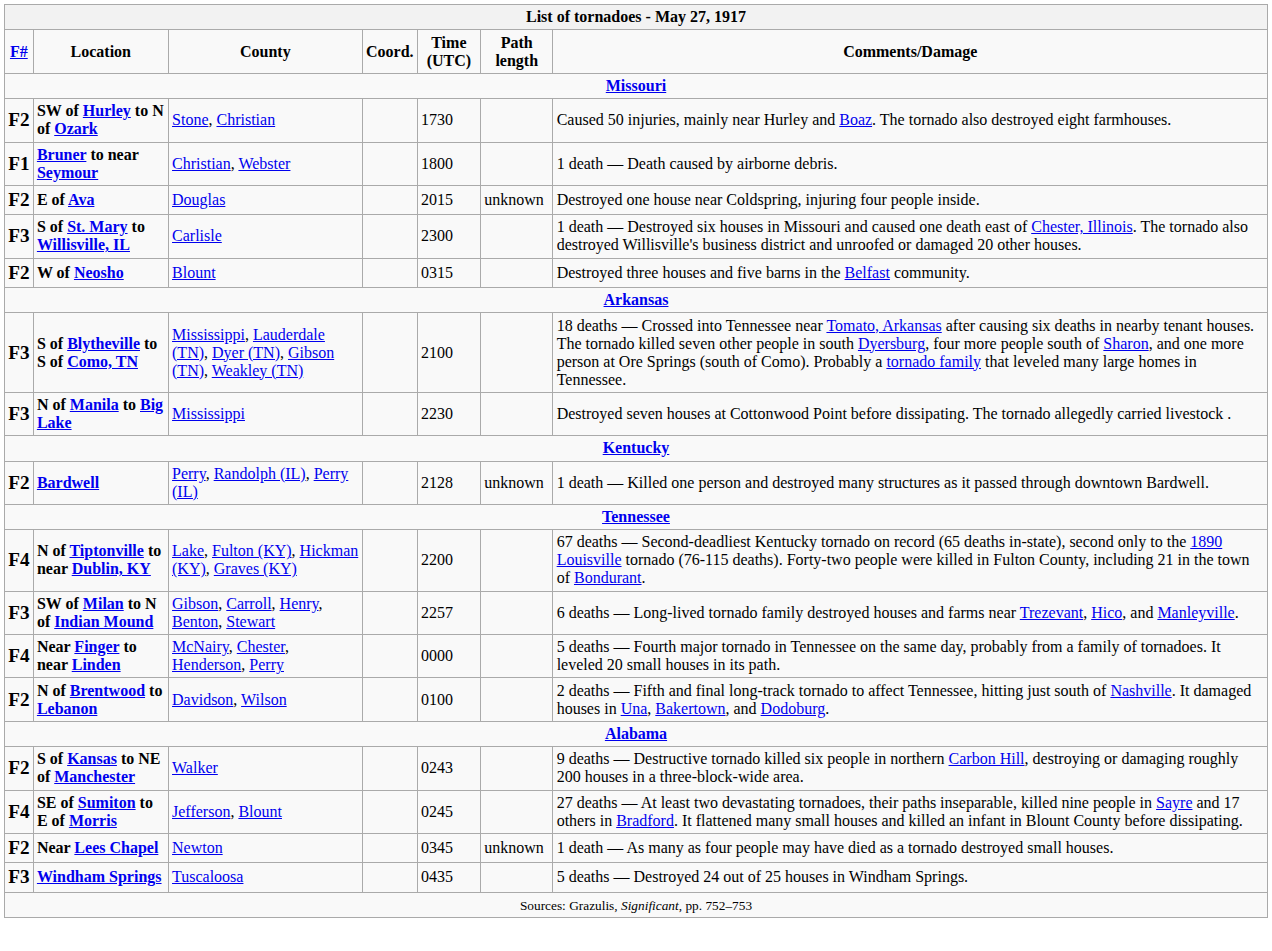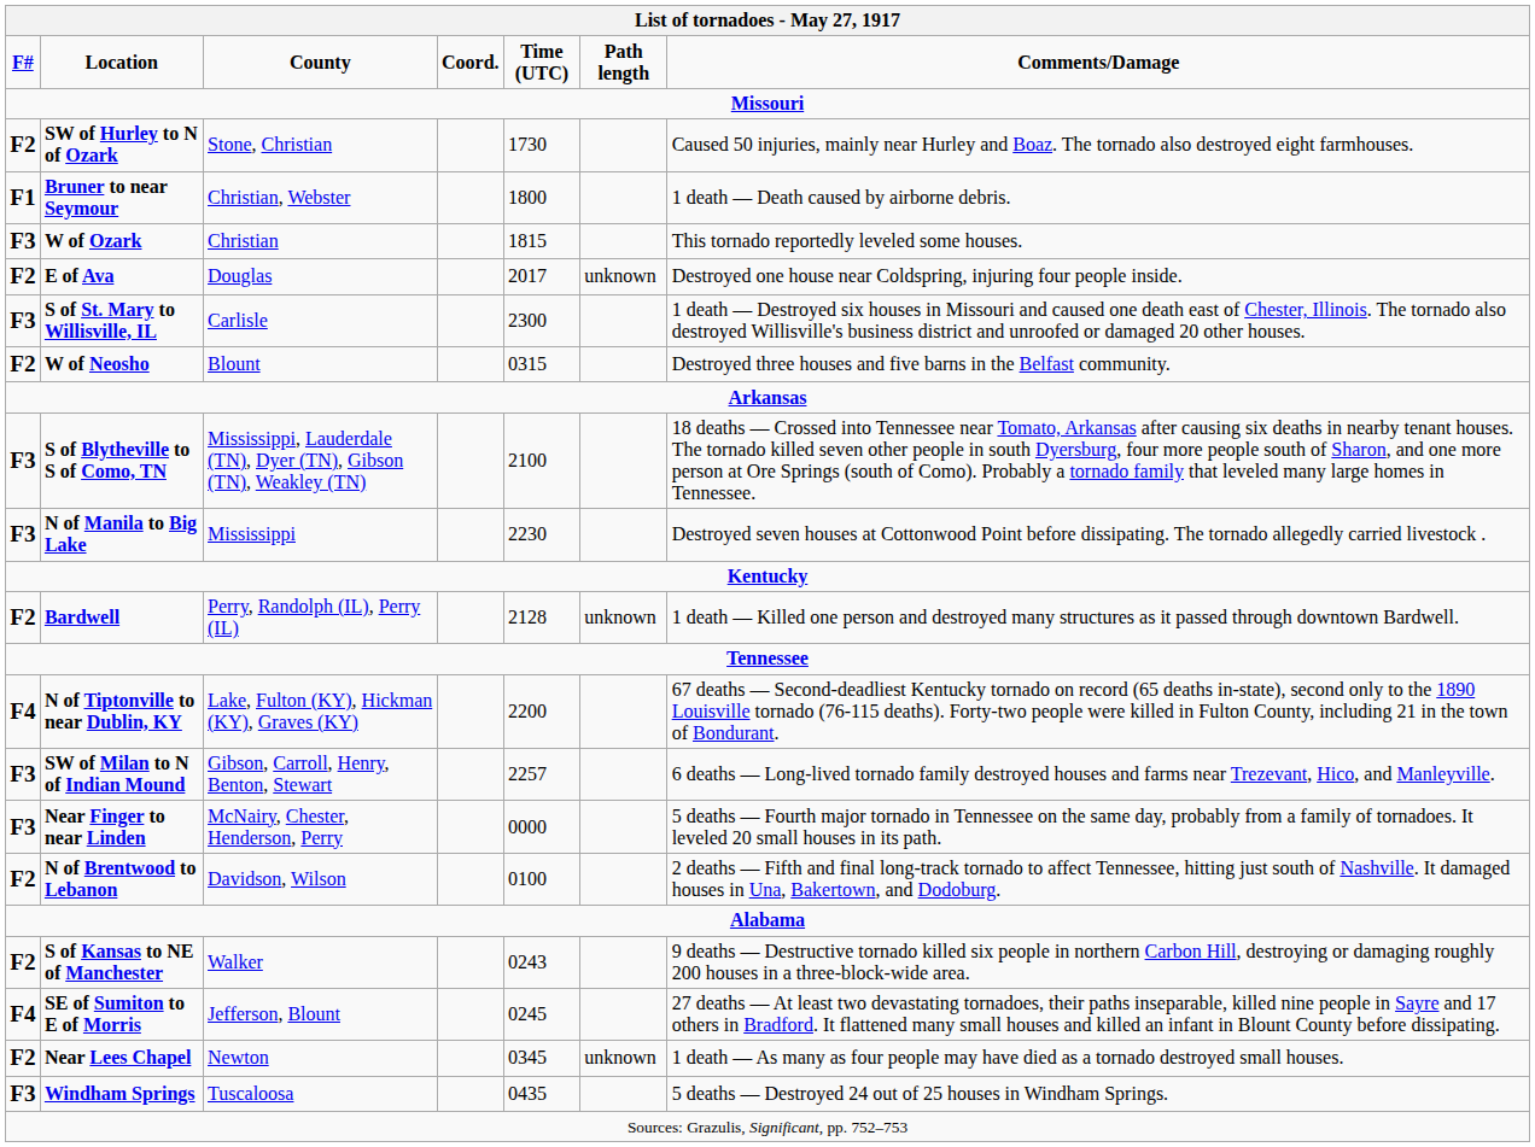 <table class="wikitable collapsible" style="width:100%;">
 <tr>
 <th colspan="7">List of tornadoes - May 27, 1917</th>
 </tr>
 <tr style="text-align:center;">
 <td><strong><a href='#'>F#</a></strong></td>
 <td><strong>Location</strong></td>
 <td><strong>County</strong></td>
 <td><strong>Coord.</strong></td>
 <td><strong>Time (UTC)</strong></td>
 <td><strong>Path length</strong></td>
 <td><strong>Comments/Damage</strong></td>
 </tr>
 <tr>
 <td colspan="7" style="text-align:center;"><strong><a href='#'>Missouri</a></strong></td>
 </tr>
 <tr>
 <td><big><strong>F2</strong></big></td>
 <td><strong>SW of <a href='#'>Hurley</a> to N of <a href='#'>Ozark</a></strong></td>
 <td><a href='#'>Stone</a>, <a href='#'>Christian</a></td>
 <td></td>
 <td>1730</td>
 <td></td>
 <td>Caused 50 injuries, mainly near Hurley and <a href='#'>Boaz</a>. The tornado also destroyed eight farmhouses.</td>
 </tr>
 <tr>
 <td><big><strong>F1</strong></big></td>
 <td><strong><a href='#'>Bruner</a> to near <a href='#'>Seymour</a></strong></td>
 <td><a href='#'>Christian</a>, <a href='#'>Webster</a></td>
 <td></td>
 <td>1800</td>
 <td></td>
 <td>1 death — Death caused by airborne debris.</td>
 </tr>
 <tr>
+<td><big><strong>F3</strong></big></td>
+<td><strong>W of <a href='#'>Ozark</a></strong></td>
+<td><a href='#'>Christian</a></td>
+<td></td>
+<td>1815</td>
+<td></td>
+<td>This tornado reportedly leveled some houses.</td>
+</tr>
+<tr>
 <td><big><strong>F2</strong></big></td>
 <td><strong>E of <a href='#'>Ava</a></strong></td>
 <td><a href='#'>Douglas</a></td>
 <td></td>
-<td>2015</td>
+<td>2017</td>
 <td>unknown</td>
 <td>Destroyed one house near Coldspring, injuring four people inside.</td>
 </tr>
 <tr>
 <td><big><strong>F3</strong></big></td>
 <td><strong>S of <a href='#'>St. Mary</a> to <a href='#'>Willisville, IL</a></strong></td>
 <td><a href='#'>Carlisle</a></td>
 <td></td>
 <td>2300</td>
 <td></td>
 <td>1 death — Destroyed six houses in Missouri and caused one death east of <a href='#'>Chester, Illinois</a>. The tornado also destroyed Willisville's business district and unroofed or damaged 20 other houses.</td>
 </tr>
 <tr>
 <td><big><strong>F2</strong></big></td>
 <td><strong>W of <a href='#'>Neosho</a></strong></td>
 <td><a href='#'>Blount</a></td>
 <td></td>
 <td>0315</td>
 <td></td>
 <td>Destroyed three houses and five barns in the <a href='#'>Belfast</a> community.</td>
 </tr>
 <tr>
 <td colspan="7" style="text-align:center;"><strong><a href='#'>Arkansas</a></strong></td>
 </tr>
 <tr>
 <td><big><strong>F3</strong></big></td>
 <td><strong>S of <a href='#'>Blytheville</a> to S of <a href='#'>Como, TN</a></strong></td>
 <td><a href='#'>Mississippi</a>, <a href='#'>Lauderdale (TN)</a>, <a href='#'>Dyer (TN)</a>, <a href='#'>Gibson (TN)</a>, <a href='#'>Weakley (TN)</a></td>
 <td></td>
 <td>2100</td>
 <td></td>
 <td>18 deaths — Crossed into Tennessee near <a href='#'>Tomato, Arkansas</a> after causing six deaths in nearby tenant houses. The tornado killed seven other people in south <a href='#'>Dyersburg</a>, four more people south of <a href='#'>Sharon</a>, and one more person at Ore Springs (south of Como). Probably a <a href='#'>tornado family</a> that leveled many large homes in Tennessee.</td>
 </tr>
 <tr>
 <td><big><strong>F3</strong></big></td>
 <td><strong>N of <a href='#'>Manila</a> to <a href='#'>Big Lake</a></strong></td>
 <td><a href='#'>Mississippi</a></td>
 <td></td>
 <td>2230</td>
 <td></td>
 <td>Destroyed seven houses at Cottonwood Point before dissipating. The tornado allegedly carried livestock .</td>
 </tr>
 <tr>
 <td colspan="7" style="text-align:center;"><strong><a href='#'>Kentucky</a></strong></td>
 </tr>
 <tr>
 <td><big><strong>F2</strong></big></td>
 <td><strong><a href='#'>Bardwell</a></strong></td>
 <td><a href='#'>Perry</a>, <a href='#'>Randolph (IL)</a>, <a href='#'>Perry (IL)</a></td>
 <td></td>
 <td>2128</td>
 <td>unknown</td>
 <td>1 death — Killed one person and destroyed many structures as it passed through downtown Bardwell.</td>
 </tr>
 <tr>
 <td colspan="7" style="text-align:center;"><strong><a href='#'>Tennessee</a></strong></td>
 </tr>
 <tr>
 <td><big><strong>F4</strong></big></td>
 <td><strong>N of <a href='#'>Tiptonville</a> to near <a href='#'>Dublin, KY</a></strong></td>
 <td><a href='#'>Lake</a>, <a href='#'>Fulton (KY)</a>, <a href='#'>Hickman (KY)</a>, <a href='#'>Graves (KY)</a></td>
 <td></td>
 <td>2200</td>
 <td></td>
 <td>67 deaths — Second-deadliest Kentucky tornado on record (65 deaths in-state), second only to the <a href='#'>1890</a> <a href='#'>Louisville</a> tornado (76-115 deaths). Forty-two people were killed in Fulton County, including 21 in the town of <a href='#'>Bondurant</a>.</td>
 </tr>
 <tr>
 <td><big><strong>F3</strong></big></td>
 <td><strong>SW of <a href='#'>Milan</a> to N of <a href='#'>Indian Mound</a></strong></td>
 <td><a href='#'>Gibson</a>, <a href='#'>Carroll</a>, <a href='#'>Henry</a>, <a href='#'>Benton</a>, <a href='#'>Stewart</a></td>
 <td></td>
 <td>2257</td>
 <td></td>
 <td>6 deaths — Long-lived tornado family destroyed houses and farms near <a href='#'>Trezevant</a>, <a href='#'>Hico</a>, and <a href='#'>Manleyville</a>.</td>
 </tr>
 <tr>
-<td><big><strong>F4</strong></big></td>
+<td><big><strong>F3</strong></big></td>
 <td><strong>Near <a href='#'>Finger</a> to near <a href='#'>Linden</a></strong></td>
 <td><a href='#'>McNairy</a>, <a href='#'>Chester</a>, <a href='#'>Henderson</a>, <a href='#'>Perry</a></td>
 <td></td>
 <td>0000</td>
 <td></td>
 <td>5 deaths — Fourth major tornado in Tennessee on the same day, probably from a family of tornadoes. It leveled 20 small houses in its path.</td>
 </tr>
 <tr>
 <td><big><strong>F2</strong></big></td>
 <td><strong>N of <a href='#'>Brentwood</a> to <a href='#'>Lebanon</a></strong></td>
 <td><a href='#'>Davidson</a>, <a href='#'>Wilson</a></td>
 <td></td>
 <td>0100</td>
 <td></td>
 <td>2 deaths — Fifth and final long-track tornado to affect Tennessee, hitting just south of <a href='#'>Nashville</a>. It damaged houses in <a href='#'>Una</a>, <a href='#'>Bakertown</a>, and <a href='#'>Dodoburg</a>.</td>
 </tr>
 <tr>
 <td colspan="7" style="text-align:center;"><strong><a href='#'>Alabama</a></strong></td>
 </tr>
 <tr>
 <td><big><strong>F2</strong></big></td>
 <td><strong>S of <a href='#'>Kansas</a> to NE of <a href='#'>Manchester</a></strong></td>
 <td><a href='#'>Walker</a></td>
 <td></td>
 <td>0243</td>
 <td></td>
 <td>9 deaths — Destructive tornado killed six people in northern <a href='#'>Carbon Hill</a>, destroying or damaging roughly 200 houses in a three-block-wide area.</td>
 </tr>
 <tr>
 <td><big><strong>F4</strong></big></td>
 <td><strong>SE of <a href='#'>Sumiton</a> to E of <a href='#'>Morris</a></strong></td>
 <td><a href='#'>Jefferson</a>, <a href='#'>Blount</a></td>
 <td></td>
 <td>0245</td>
 <td></td>
 <td>27 deaths — At least two devastating tornadoes, their paths inseparable, killed nine people in <a href='#'>Sayre</a> and 17 others in <a href='#'>Bradford</a>. It flattened many small houses and killed an infant in Blount County before dissipating.</td>
 </tr>
 <tr>
 <td><big><strong>F2</strong></big></td>
 <td><strong>Near <a href='#'>Lees Chapel</a></strong></td>
 <td><a href='#'>Newton</a></td>
 <td></td>
 <td>0345</td>
 <td>unknown</td>
 <td>1 death — As many as four people may have died as a tornado destroyed small houses.</td>
 </tr>
 <tr>
 <td><big><strong>F3</strong></big></td>
 <td><strong><a href='#'>Windham Springs</a></strong></td>
 <td><a href='#'>Tuscaloosa</a></td>
 <td></td>
 <td>0435</td>
 <td></td>
 <td>5 deaths — Destroyed 24 out of 25 houses in Windham Springs.</td>
 </tr>
 <tr>
 <td colspan="7" style="text-align:center;"><small>Sources: Grazulis, <em>Significant</em>, pp. 752–753</small></td>
 </tr>
 </table>
